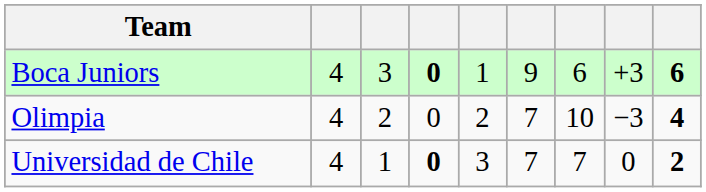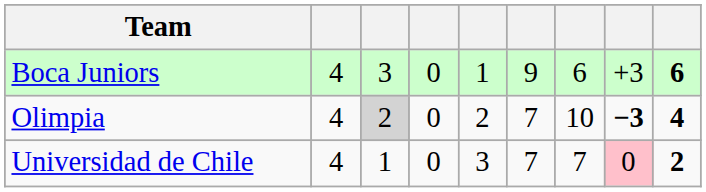 <table class="wikitable" style="text-align: center;">
 <tr>
 <th width="165">Team</th>
 <th width="20"></th>
 <th width="20"></th>
 <th width="20"></th>
 <th width="20"></th>
 <th width="20"></th>
 <th width="20"></th>
 <th width="20"></th>
 <th width="20"></th>
 </tr>
 <tr bgcolor=ccffcc>
 <td align=left> <a href='#'>Boca Juniors</a></td>
 <td>4</td>
 <td>3</td>
-<td><strong>0</strong></td>
+<td>0</td>
 <td>1</td>
 <td>9</td>
 <td>6</td>
 <td>+3</td>
 <td><strong>6</strong></td>
 </tr>
 <tr>
 <td align=left> <a href='#'>Olimpia</a></td>
 <td>4</td>
-<td>2</td>
+<td style="background: lightgrey;">2</td>
 <td>0</td>
 <td>2</td>
 <td>7</td>
 <td>10</td>
-<td>−3</td>
+<td><strong>−3</strong></td>
 <td><strong>4</strong></td>
 </tr>
 <tr>
 <td align=left> <a href='#'>Universidad de Chile</a></td>
 <td>4</td>
 <td>1</td>
-<td><strong>0</strong></td>
+<td>0</td>
 <td>3</td>
 <td>7</td>
 <td>7</td>
-<td>0</td>
+<td style="background: pink;">0</td>
 <td><strong>2</strong></td>
 </tr>
 </table>
